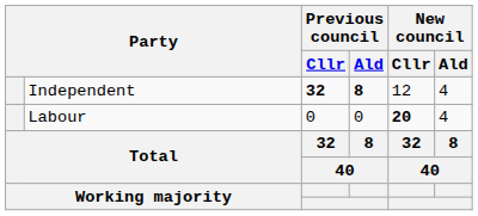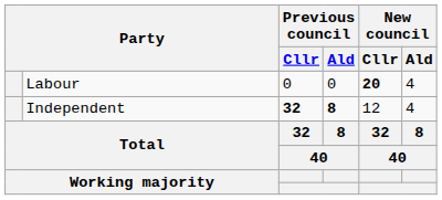 <table class="wikitable">
 <tr>
 <th colspan="2" rowspan="2" style="width: 230px">Party</th>
 <th valign=top colspan="2" style="width: 30px">Previous council</th>
 <th valign=top colspan="2" style="width: 30px">New council</th>
 </tr>
 <tr>
 <th><a href='#'>Cllr</a></th>
 <th><a href='#'>Ald</a></th>
 <th>Cllr</th>
 <th>Ald</th>
 </tr>
 <tr>
 <th style="background-color: "></th>
+<td>Labour</td>
+<td>0</td>
+<td>0</td>
+<td><strong>20</strong></td>
+<td>4</td>
+</tr>
+<tr>
+<th style="background-color: "></th>
 <td>Independent</td>
 <td><strong>32</strong></td>
 <td><strong>8</strong></td>
 <td>12</td>
-<td>4</td>
-</tr>
-<tr>
-<th style="background-color: "></th>
-<td>Labour</td>
-<td>0</td>
-<td>0</td>
-<td><strong>20</strong></td>
 <td>4</td>
 </tr>
 <tr>
 <th colspan="2" rowspan="2">Total</th>
 <th style="text-align: center">32</th>
 <th style="text-align: center">8</th>
 <th style="text-align: center">32</th>
 <th style="text-align: center">8</th>
 </tr>
 <tr>
 <th colspan="2" style="text-align: center">40</th>
 <th colspan="2" style="text-align: center">40</th>
 </tr>
 <tr>
 <th colspan="2" rowspan="2">Working majority</th>
 <th></th>
 <th></th>
 <th></th>
 <th></th>
 </tr>
 <tr>
 <th colspan="2"></th>
 <th colspan="2"></th>
 </tr>
 </table>
